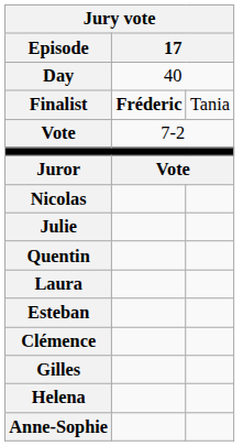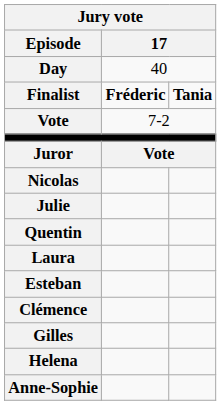 <table class="wikitable" style="text-align:center; white-space:nowrap;">
 <tr>
 <th colspan="3">Jury vote</th>
 </tr>
 <tr>
 <th>Episode</th>
 <th colspan="100%">17</th>
 </tr>
 <tr>
 <th>Day</th>
 <td colspan="100%">40</td>
 </tr>
 <tr>
 <th>Finalist</th>
 <td><strong>Fréderic</strong></td>
-<td>Tania</td>
+<td><strong>Tania</strong></td>
 </tr>
 <tr>
 <th>Vote</th>
 <td colspan="2">7-2</td>
 </tr>
 <tr>
 <td colspan="100%" style="background:black;"></td>
 </tr>
 <tr>
 <th>Juror</th>
 <th colspan="100%">Vote</th>
 </tr>
 <tr>
 <th>Nicolas</th>
 <td></td>
 <td></td>
 </tr>
 <tr>
 <th>Julie</th>
 <td></td>
 <td></td>
 </tr>
 <tr>
 <th>Quentin</th>
 <td></td>
 <td></td>
 </tr>
 <tr>
 <th>Laura</th>
 <td></td>
 <td></td>
 </tr>
 <tr>
 <th>Esteban</th>
 <td></td>
 <td></td>
 </tr>
 <tr>
 <th>Clémence</th>
 <td></td>
 <td></td>
 </tr>
 <tr>
 <th>Gilles</th>
 <td></td>
 <td></td>
 </tr>
 <tr>
 <th>Helena</th>
 <td></td>
 <td></td>
 </tr>
 <tr>
 <th>Anne-Sophie</th>
 <td></td>
 <td></td>
 </tr>
 </table>
